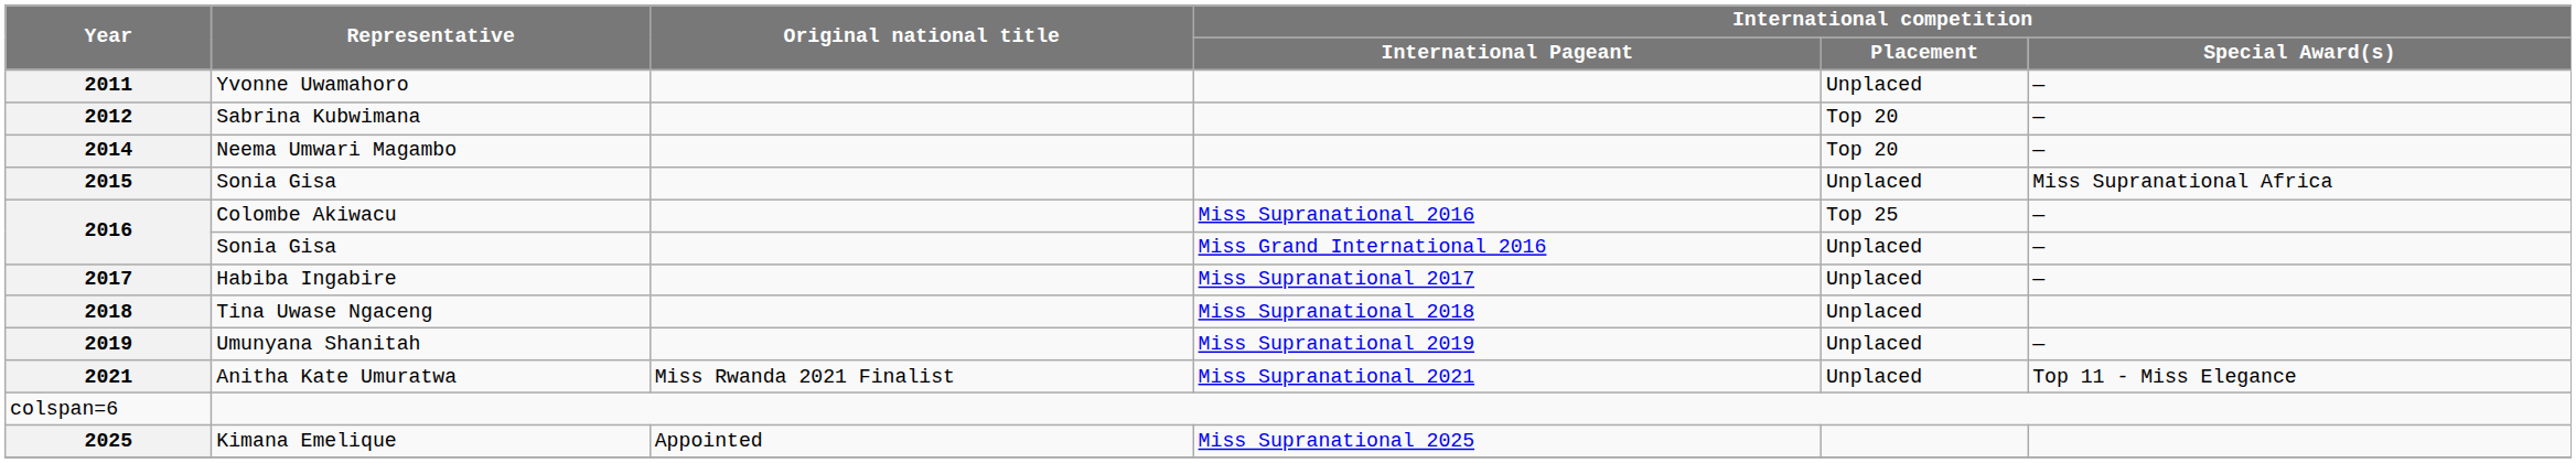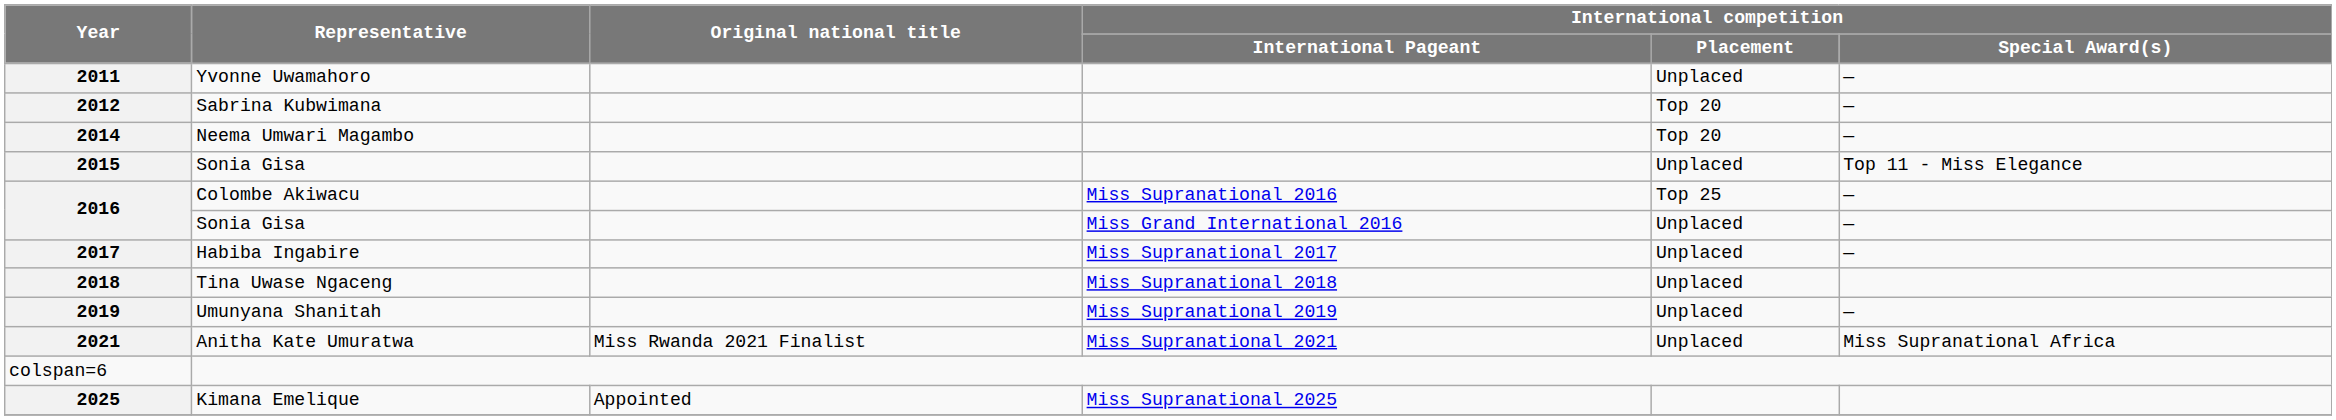 <table class="wikitable defaultcenter" style="font-size: 95%; width: 100%">
 <tr>
 <th rowspan="2" style="background-color:#787878;color:#FFFFFF;">Year</th>
 <th rowspan="2" style="background-color:#787878;color:#FFFFFF;">Representative</th>
 <th rowspan="2" style="background-color:#787878;color:#FFFFFF;">Original national title</th>
 <th colspan="3" style="background-color:#787878;color:#FFFFFF;">International competition</th>
 </tr>
 <tr>
 <th style="background-color:#787878;color:#FFFFFF;">International Pageant</th>
 <th style="background-color:#787878;color:#FFFFFF;">Placement</th>
 <th style="background-color:#787878;color:#FFFFFF;">Special Award(s)</th>
 </tr>
 <tr>
 <th>2011</th>
 <td>Yvonne Uwamahoro</td>
 <td></td>
 <td></td>
 <td>Unplaced</td>
 <td>―</td>
 </tr>
 <tr>
 <th>2012</th>
 <td>Sabrina Kubwimana</td>
 <td></td>
 <td></td>
 <td>Top 20</td>
 <td>―</td>
 </tr>
 <tr>
 <th>2014</th>
 <td>Neema Umwari Magambo</td>
 <td></td>
 <td></td>
 <td>Top 20</td>
 <td>―</td>
 </tr>
 <tr>
 <th>2015</th>
 <td>Sonia Gisa</td>
 <td></td>
 <td></td>
 <td>Unplaced</td>
-<td>Miss Supranational Africa</td>
+<td>Top 11 - Miss Elegance</td>
 </tr>
 <tr>
 <th rowspan=2>2016</th>
 <td>Colombe Akiwacu</td>
 <td></td>
 <td><a href='#'>Miss Supranational 2016</a></td>
 <td>Top 25</td>
 <td>―</td>
 </tr>
 <tr>
 <td>Sonia Gisa</td>
 <td></td>
 <td><a href='#'>Miss Grand International 2016</a></td>
 <td>Unplaced</td>
 <td>―</td>
 </tr>
 <tr>
 <th>2017</th>
 <td>Habiba Ingabire</td>
 <td></td>
 <td><a href='#'>Miss Supranational 2017</a></td>
 <td>Unplaced</td>
 <td>―</td>
 </tr>
 <tr>
 <th>2018</th>
 <td>Tina Uwase Ngaceng</td>
 <td></td>
 <td><a href='#'>Miss Supranational 2018</a></td>
 <td>Unplaced</td>
 </tr>
 <tr>
 <th>2019</th>
 <td>Umunyana Shanitah</td>
 <td></td>
 <td><a href='#'>Miss Supranational 2019</a></td>
 <td>Unplaced</td>
 <td>―</td>
 </tr>
 <tr>
 <th>2021</th>
 <td>Anitha Kate Umuratwa</td>
 <td>Miss Rwanda 2021 Finalist</td>
 <td><a href='#'>Miss Supranational 2021</a></td>
 <td>Unplaced</td>
-<td>Top 11 - Miss Elegance</td>
+<td>Miss Supranational Africa</td>
 </tr>
 <tr>
 <td>colspan=6 </td>
 </tr>
 <tr>
 <th>2025</th>
 <td>Kimana Emelique</td>
 <td>Appointed</td>
 <td><a href='#'>Miss Supranational 2025</a></td>
 <td></td>
 <td></td>
 </tr>
 <tr>
 </tr>
 </table>
